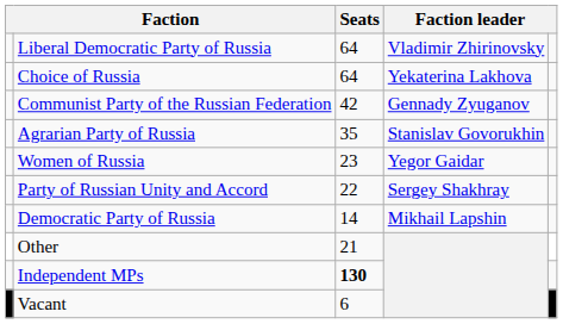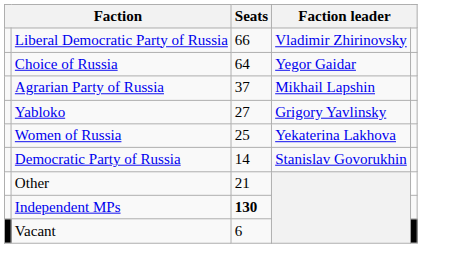 <table class=wikitable>
 <tr>
 <th colspan=2>Faction</th>
 <th>Seats</th>
 <th colspan=2>Faction leader</th>
 </tr>
 <tr>
 <td style="background-color:"></td>
 <td><a href='#'>Liberal Democratic Party of Russia</a></td>
-<td>64</td>
+<td>66</td>
 <td><a href='#'>Vladimir Zhirinovsky</a></td>
 <td style="background-color:"></td>
 </tr>
 <tr>
 <td style="background-color:"></td>
 <td><a href='#'>Choice of Russia</a></td>
 <td>64</td>
-<td><a href='#'>Yekaterina Lakhova</a></td>
-<td style="background-color:"></td>
-</tr>
-<tr>
-<td style="background-color:"></td>
-<td><a href='#'>Communist Party of the Russian Federation</a></td>
-<td>42</td>
-<td><a href='#'>Gennady Zyuganov</a></td>
+<td><a href='#'>Yegor Gaidar</a></td>
 <td style="background-color:"></td>
 </tr>
 <tr>
 <td style="background-color:"></td>
 <td><a href='#'>Agrarian Party of Russia</a></td>
-<td>35</td>
-<td><a href='#'>Stanislav Govorukhin</a></td>
+<td>37</td>
+<td><a href='#'>Mikhail Lapshin</a></td>
+<td style="background-color:"></td>
+</tr>
+<tr>
+<td style="background-color:"></td>
+<td><a href='#'>Yabloko</a></td>
+<td>27</td>
+<td><a href='#'>Grigory Yavlinsky</a></td>
 <td style="background-color:"></td>
 </tr>
 <tr>
 <td style="background-color:"></td>
 <td><a href='#'>Women of Russia</a></td>
-<td>23</td>
-<td><a href='#'>Yegor Gaidar</a></td>
-<td style="background-color:"></td>
-</tr>
-<tr>
-<td style="background-color:"></td>
-<td><a href='#'>Party of Russian Unity and Accord</a></td>
-<td>22</td>
-<td><a href='#'>Sergey Shakhray</a></td>
+<td>25</td>
+<td><a href='#'>Yekaterina Lakhova</a></td>
 <td style="background-color:"></td>
 </tr>
 <tr>
 <td style="background-color:"></td>
 <td><a href='#'>Democratic Party of Russia</a></td>
 <td>14</td>
-<td><a href='#'>Mikhail Lapshin</a></td>
+<td><a href='#'>Stanislav Govorukhin</a></td>
 <td style="background-color:"></td>
 </tr>
 <tr>
 <td style="background-color:White"></td>
 <td>Other</td>
 <td>21</td>
 <th rowspan=3></th>
 <td style="background-color:White"></td>
 </tr>
 <tr>
 <td style="background-color:"></td>
 <td><a href='#'>Independent MPs</a></td>
 <td><strong>130</strong></td>
 <td style="background-color:"></td>
 </tr>
 <tr>
 <td style="background-color:Black"></td>
 <td>Vacant</td>
 <td>6</td>
 <td style="background-color:Black"></td>
 </tr>
 </table>
